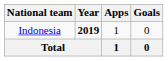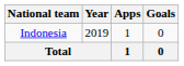 <table class=wikitable style=text-align:center>
 <tr>
 <th>National team</th>
 <th>Year</th>
 <th>Apps</th>
 <th>Goals</th>
 </tr>
 <tr>
 <td rowspan="1"><a href='#'>Indonesia</a></td>
-<td><strong>2019</strong></td>
+<td>2019</td>
 <td>1</td>
 <td>0</td>
 </tr>
 <tr>
 <th colspan=2>Total</th>
 <th>1</th>
 <th>0</th>
 </tr>
 </table>
